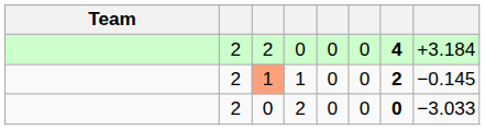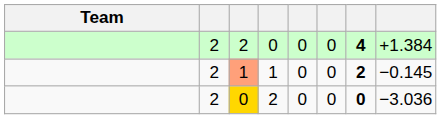 <table class="wikitable" style="text-align:center;">
 <tr>
 <th width=175>Team</th>
 <th style="width:20px;"></th>
 <th style="width:20px;"></th>
 <th style="width:20px;"></th>
 <th style="width:20px;"></th>
 <th style="width:20px;"></th>
 <th style="width:20px;"></th>
 <th style="width:20px;"></th>
 </tr>
 <tr style="solid green; background:#cfc;">
 <td style="text-align:left;"></td>
 <td>2</td>
 <td>2</td>
 <td>0</td>
 <td>0</td>
 <td>0</td>
 <td><strong>4</strong></td>
-<td>+3.184</td>
+<td>+1.384</td>
 </tr>
 <tr>
 <td style="text-align:left;"></td>
 <td>2</td>
 <td style="background: lightsalmon;">1</td>
 <td>1</td>
 <td>0</td>
 <td>0</td>
 <td><strong>2</strong></td>
 <td>−0.145</td>
 </tr>
 <tr>
 <td style="text-align:left;"></td>
 <td>2</td>
-<td>0</td>
+<td style="background: gold;">0</td>
 <td>2</td>
 <td>0</td>
 <td>0</td>
 <td><strong>0</strong></td>
-<td>−3.033</td>
+<td>−3.036</td>
 </tr>
 </table>
